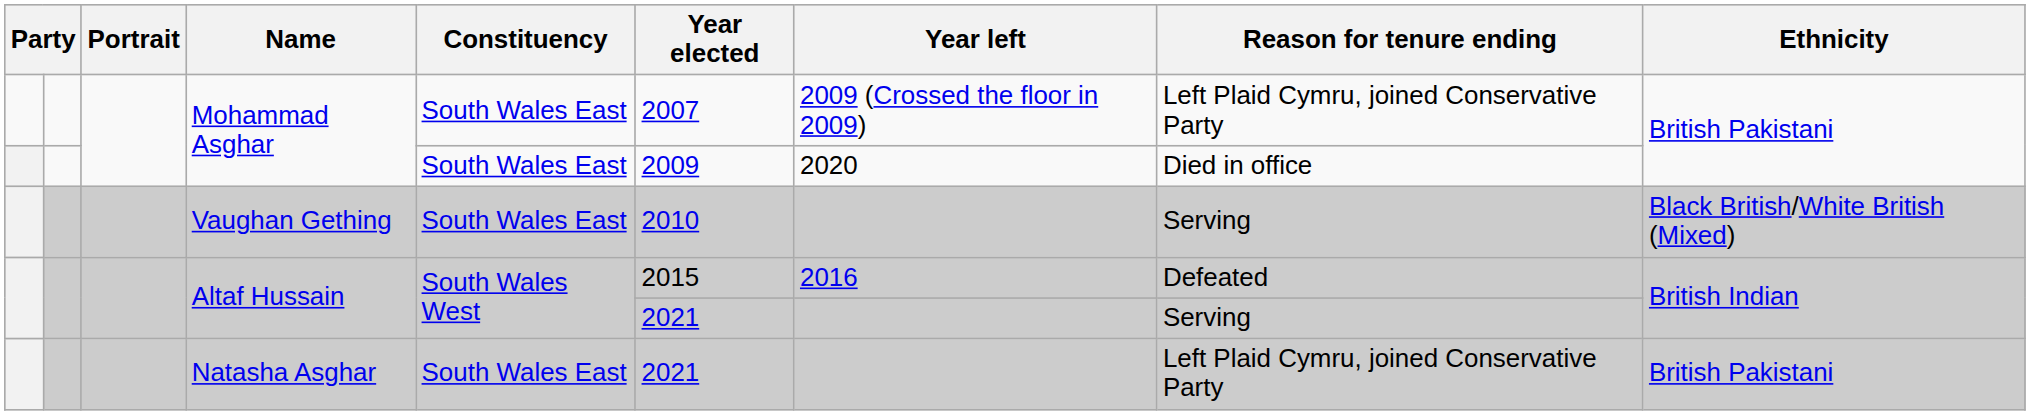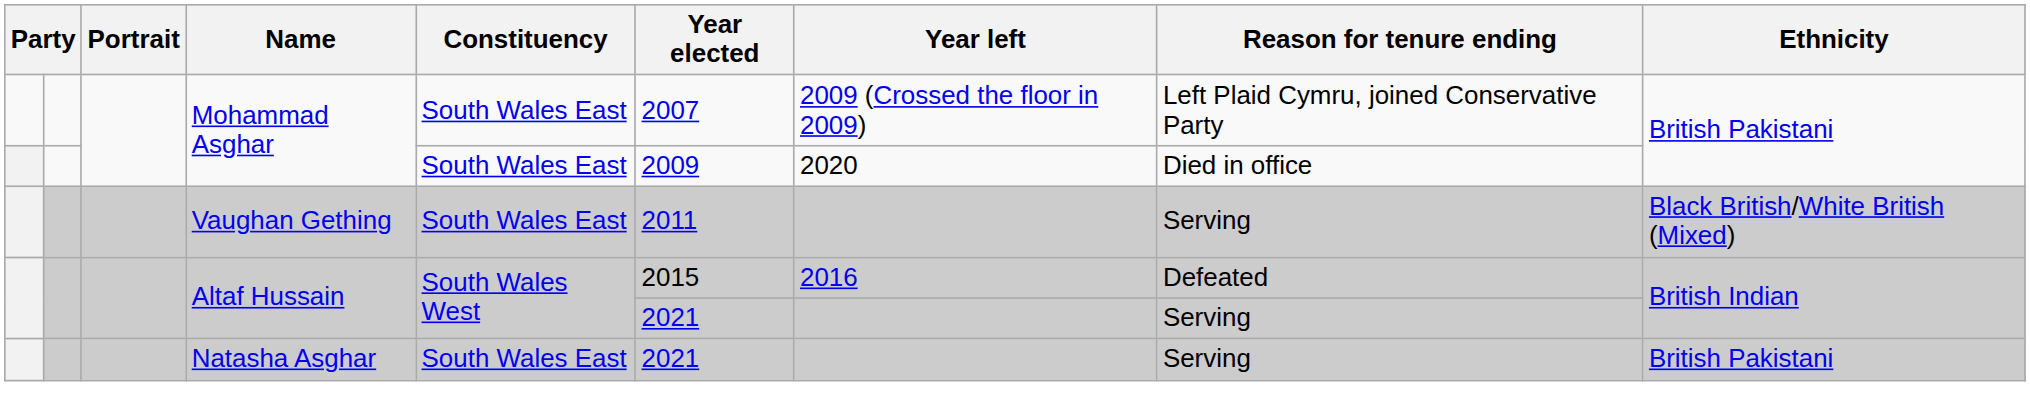 <table class="wikitable sortable">
 <tr>
 <th colspan=2>Party</th>
 <th>Portrait</th>
 <th>Name</th>
 <th>Constituency</th>
 <th>Year elected</th>
 <th>Year left</th>
 <th>Reason for tenure ending</th>
 <th>Ethnicity</th>
 </tr>
 <tr>
 <td style="background-color: "></td>
 <td></td>
 <td rowspan="2"></td>
 <td rowspan="2"><a href='#'>Mohammad Asghar</a></td>
 <td><a href='#'>South Wales East</a></td>
 <td><a href='#'>2007</a></td>
 <td><a href='#'>2009</a> (<a href='#'>Crossed the floor in 2009</a>)</td>
 <td>Left Plaid Cymru, joined Conservative Party</td>
 <td rowspan="2"><a href='#'>British Pakistani</a></td>
 </tr>
 <tr>
 <th style="background-color: "></th>
 <td></td>
 <td><a href='#'>South Wales East</a></td>
 <td><a href='#'>2009</a></td>
 <td>2020</td>
 <td>Died in office</td>
 </tr>
 <tr style="background:#ccc;">
 <th style="background-color: "></th>
 <td></td>
 <td></td>
 <td><a href='#'>Vaughan Gething</a></td>
 <td><a href='#'>South Wales East</a></td>
-<td><a href='#'>2010</a></td>
+<td><a href='#'>2011</a></td>
 <td></td>
 <td>Serving</td>
 <td><a href='#'>Black British</a>/<a href='#'>White British</a> (<a href='#'>Mixed</a>)</td>
 </tr>
 <tr style="background:#ccc;">
 <th rowspan=2 style="background-color: "></th>
 <td rowspan="2"></td>
 <td rowspan="2"></td>
 <td rowspan="2"><a href='#'>Altaf Hussain</a></td>
 <td rowspan="2"><a href='#'>South Wales West</a></td>
 <td>2015</td>
 <td><a href='#'>2016</a></td>
 <td>Defeated</td>
 <td rowspan="2"><a href='#'>British Indian</a></td>
 </tr>
 <tr style="background:#ccc;">
 <td><a href='#'>2021</a></td>
 <td></td>
 <td>Serving</td>
 </tr>
 <tr style="background:#ccc;">
 <th style="background-color: "></th>
 <td></td>
 <td></td>
 <td><a href='#'>Natasha Asghar</a></td>
 <td><a href='#'>South Wales East</a></td>
 <td><a href='#'>2021</a></td>
 <td></td>
-<td>Left Plaid Cymru, joined Conservative Party</td>
+<td>Serving</td>
 <td><a href='#'>British Pakistani</a></td>
 </tr>
 </table>
